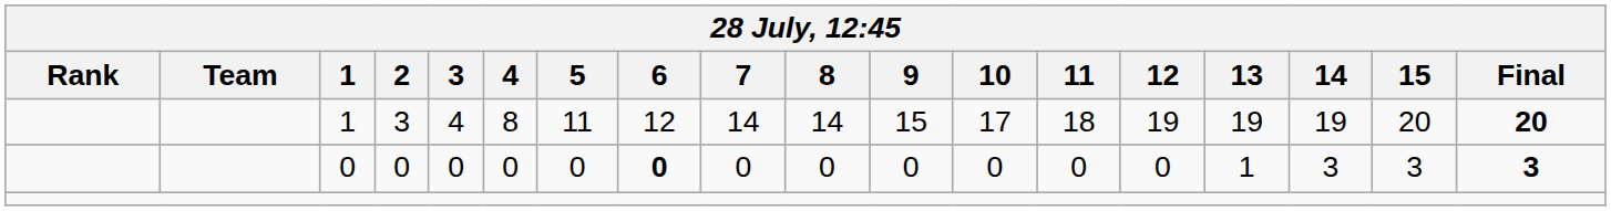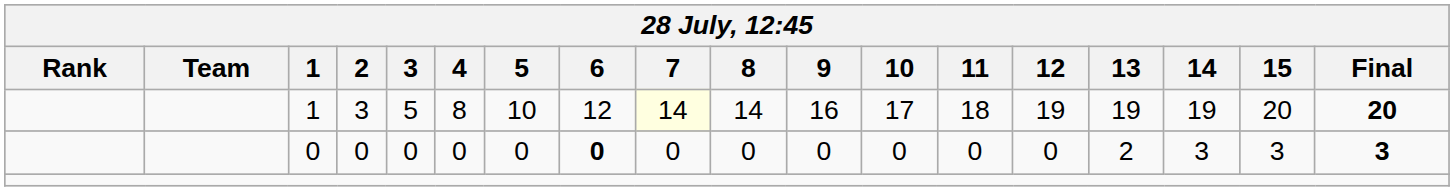 <table class=wikitable style="text-align:center; width: 55%">
 <tr>
 <th colspan=21><em>28 July, 12:45</em></th>
 </tr>
 <tr>
 <th>Rank</th>
 <th>Team</th>
 <th>1</th>
 <th>2</th>
 <th>3</th>
 <th>4</th>
 <th>5</th>
 <th>6</th>
 <th>7</th>
 <th>8</th>
 <th>9</th>
 <th>10</th>
 <th>11</th>
 <th>12</th>
 <th>13</th>
 <th>14</th>
 <th>15</th>
 <th>Final</th>
 </tr>
 <tr>
 <td></td>
 <td align=left><strong></strong></td>
 <td>1</td>
 <td>3</td>
-<td>4</td>
+<td>5</td>
 <td>8</td>
-<td>11</td>
+<td>10</td>
 <td>12</td>
+<td style="background: lightyellow;">14</td>
 <td>14</td>
-<td>14</td>
-<td>15</td>
+<td>16</td>
 <td>17</td>
 <td>18</td>
 <td>19</td>
 <td>19</td>
 <td>19</td>
 <td>20</td>
 <td><strong>20</strong></td>
 </tr>
 <tr>
 <td></td>
 <td align=left></td>
 <td>0</td>
 <td>0</td>
 <td>0</td>
 <td>0</td>
 <td>0</td>
 <td><strong>0</strong></td>
 <td>0</td>
 <td>0</td>
 <td>0</td>
 <td>0</td>
 <td>0</td>
 <td>0</td>
-<td>1</td>
+<td>2</td>
 <td>3</td>
 <td>3</td>
 <td><strong>3</strong></td>
 </tr>
 <tr>
 <td colspan=21></td>
 </tr>
 </table>
